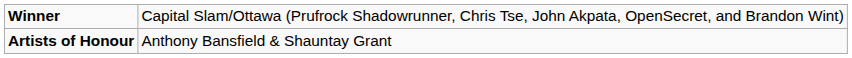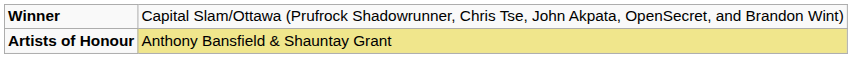 <table class="wikitable">
 <tr>
 <td><strong>Winner</strong></td>
 <td>Capital Slam/Ottawa (Prufrock Shadowrunner, Chris Tse, John Akpata, OpenSecret, and Brandon Wint)</td>
 </tr>
 <tr>
 <td><strong>Artists of Honour</strong></td>
-<td>Anthony Bansfield & Shauntay Grant</td>
+<td style="background: khaki;">Anthony Bansfield & Shauntay Grant</td>
 </tr>
 </table>
